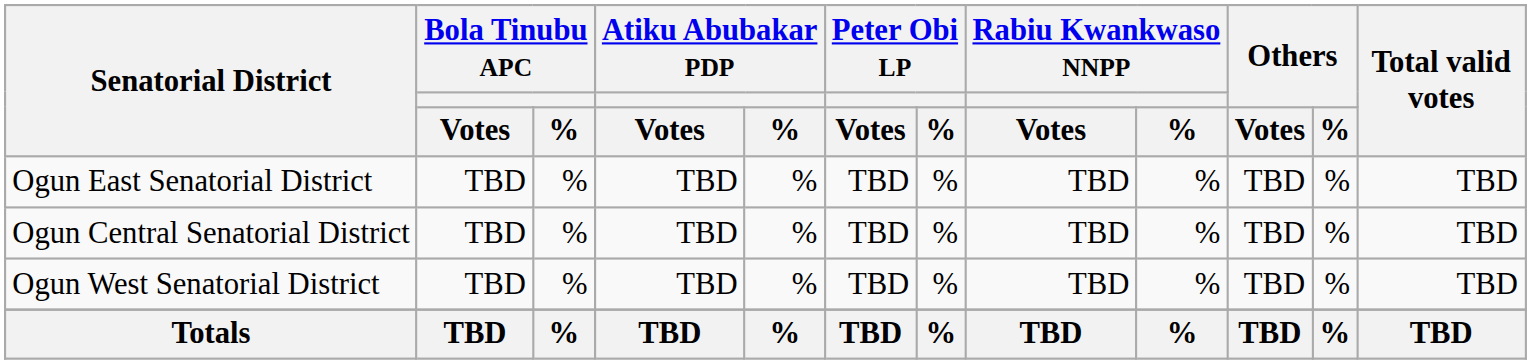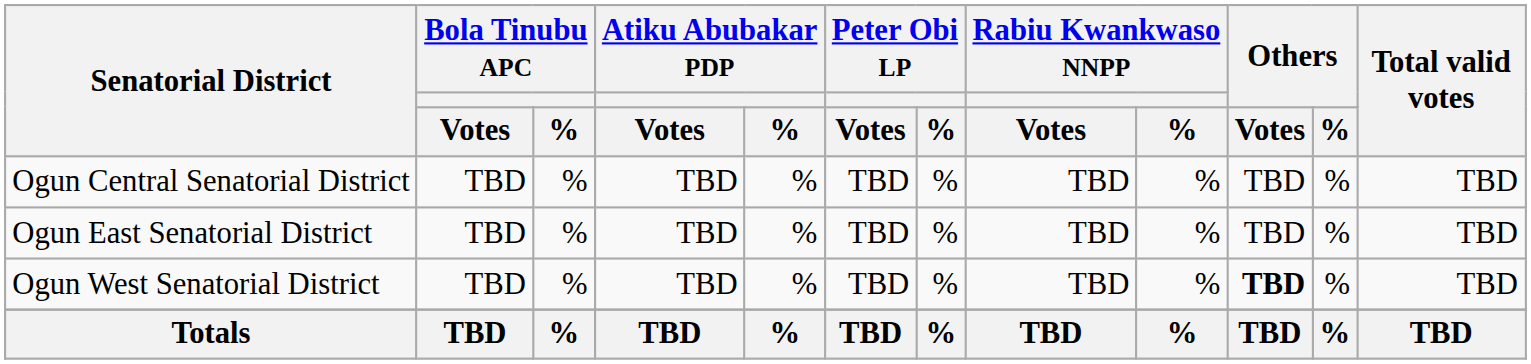 <table class="wikitable sortable" style="text-align:right; font-size:90%">
 <tr>
 <th rowspan="3" style="max-width:7.5em;">Senatorial District</th>
 <th colspan="2"><a href='#'>Bola Tinubu</a><br><small>APC</small></th>
 <th colspan="2"><a href='#'>Atiku Abubakar</a><br><small>PDP</small></th>
 <th colspan="2"><a href='#'>Peter Obi</a><br><small>LP</small></th>
 <th colspan="2"><a href='#'>Rabiu Kwankwaso</a><br><small>NNPP</small></th>
 <th colspan="2" rowspan="2">Others</th>
 <th rowspan="3" style="max-width:5em;">Total valid votes</th>
 </tr>
 <tr>
 <th colspan=2 style="background-color:"></th>
 <th colspan=2 style="background-color:"></th>
 <th colspan=2 style="background-color:"></th>
 <th colspan=2 style="background-color:"></th>
 </tr>
 <tr>
 <th>Votes</th>
 <th>%</th>
 <th>Votes</th>
 <th>%</th>
 <th>Votes</th>
 <th>%</th>
 <th>Votes</th>
 <th>%</th>
 <th>Votes</th>
 <th>%</th>
 </tr>
 <tr style="background-color:#">
-<td style="text-align:left;">Ogun East Senatorial District</td>
+<td style="text-align:left;">Ogun Central Senatorial District</td>
 <td>TBD</td>
 <td>%</td>
 <td>TBD</td>
 <td>%</td>
 <td>TBD</td>
 <td>%</td>
 <td>TBD</td>
 <td>%</td>
 <td>TBD</td>
 <td>%</td>
 <td>TBD</td>
 </tr>
 <tr style="background-color:#">
-<td style="text-align:left;">Ogun Central Senatorial District</td>
+<td style="text-align:left;">Ogun East Senatorial District</td>
 <td>TBD</td>
 <td>%</td>
 <td>TBD</td>
 <td>%</td>
 <td>TBD</td>
 <td>%</td>
 <td>TBD</td>
 <td>%</td>
 <td>TBD</td>
 <td>%</td>
 <td>TBD</td>
 </tr>
 <tr style="background-color:#">
 <td style="text-align:left;">Ogun West Senatorial District</td>
 <td>TBD</td>
 <td>%</td>
 <td>TBD</td>
 <td>%</td>
 <td>TBD</td>
 <td>%</td>
 <td>TBD</td>
 <td>%</td>
-<td>TBD</td>
+<td><strong>TBD</strong></td>
 <td>%</td>
 <td>TBD</td>
 </tr>
 <tr>
 </tr>
 <tr>
 <th>Totals</th>
 <th>TBD</th>
 <th>%</th>
 <th>TBD</th>
 <th>%</th>
 <th>TBD</th>
 <th>%</th>
 <th>TBD</th>
 <th>%</th>
 <th>TBD</th>
 <th>%</th>
 <th>TBD</th>
 </tr>
 </table>
